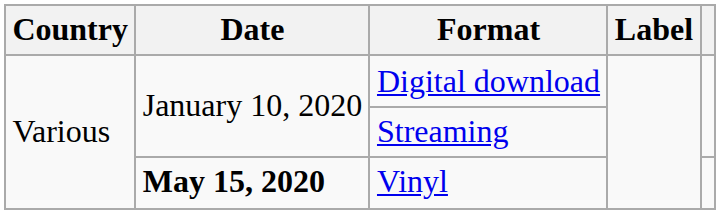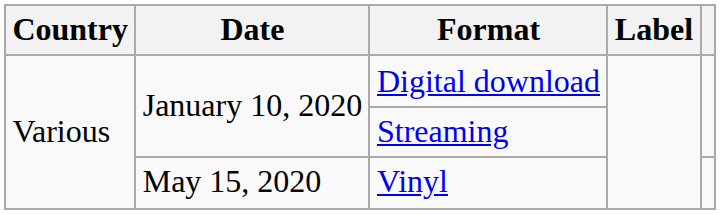 <table class="wikitable">
 <tr>
 <th>Country</th>
 <th>Date</th>
 <th>Format</th>
 <th>Label</th>
 <th></th>
 </tr>
 <tr>
 <td rowspan="3">Various</td>
 <td rowspan="2">January 10, 2020</td>
 <td><a href='#'>Digital download</a></td>
 <td rowspan="3"></td>
 <td rowspan="2"></td>
 </tr>
 <tr>
 <td><a href='#'>Streaming</a></td>
 </tr>
 <tr>
-<td><strong>May 15, 2020</strong></td>
+<td>May 15, 2020</td>
 <td><a href='#'>Vinyl</a></td>
 <td></td>
 </tr>
 <tr>
 </tr>
 </table>
